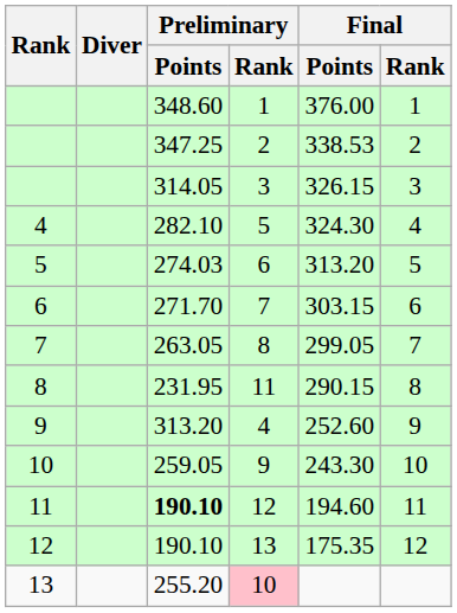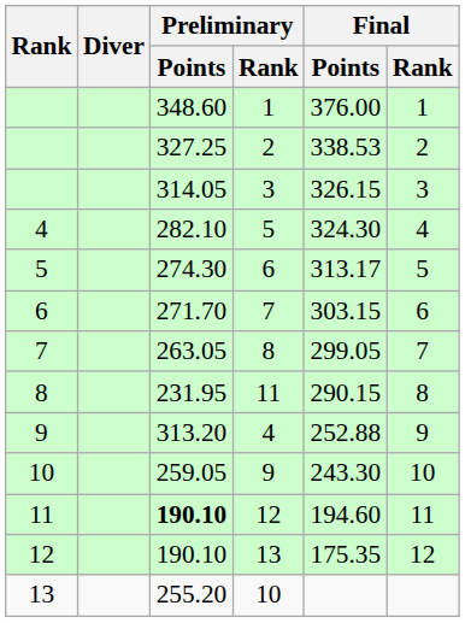 <table class="wikitable" style="text-align:center">
 <tr>
 <th rowspan="2">Rank</th>
 <th rowspan="2">Diver</th>
 <th colspan="2">Preliminary</th>
 <th colspan="2">Final</th>
 </tr>
 <tr>
 <th>Points</th>
 <th>Rank</th>
 <th>Points</th>
 <th>Rank</th>
 </tr>
 <tr bgcolor=ccffcc>
 <td></td>
 <td align=left></td>
 <td>348.60</td>
 <td>1</td>
 <td>376.00</td>
 <td>1</td>
 </tr>
 <tr bgcolor=ccffcc>
 <td></td>
 <td align=left></td>
-<td>347.25</td>
+<td>327.25</td>
 <td>2</td>
 <td>338.53</td>
 <td>2</td>
 </tr>
 <tr bgcolor=ccffcc>
 <td></td>
 <td align=left></td>
 <td>314.05</td>
 <td>3</td>
 <td>326.15</td>
 <td>3</td>
 </tr>
 <tr bgcolor=ccffcc>
 <td>4</td>
 <td align=left></td>
 <td>282.10</td>
 <td>5</td>
 <td>324.30</td>
 <td>4</td>
 </tr>
 <tr bgcolor=ccffcc>
 <td>5</td>
 <td align=left></td>
-<td>274.03</td>
+<td>274.30</td>
 <td>6</td>
-<td>313.20</td>
+<td>313.17</td>
 <td>5</td>
 </tr>
 <tr bgcolor=ccffcc>
 <td>6</td>
 <td align=left></td>
 <td>271.70</td>
 <td>7</td>
 <td>303.15</td>
 <td>6</td>
 </tr>
 <tr bgcolor=ccffcc>
 <td>7</td>
 <td align=left></td>
 <td>263.05</td>
 <td>8</td>
 <td>299.05</td>
 <td>7</td>
 </tr>
 <tr bgcolor=ccffcc>
 <td>8</td>
 <td align=left></td>
 <td>231.95</td>
 <td>11</td>
 <td>290.15</td>
 <td>8</td>
 </tr>
 <tr bgcolor=ccffcc>
 <td>9</td>
 <td align=left></td>
 <td>313.20</td>
 <td>4</td>
-<td>252.60</td>
+<td>252.88</td>
 <td>9</td>
 </tr>
 <tr bgcolor=ccffcc>
 <td>10</td>
 <td align=left></td>
 <td>259.05</td>
 <td>9</td>
 <td>243.30</td>
 <td>10</td>
 </tr>
 <tr bgcolor=ccffcc>
 <td>11</td>
 <td align=left></td>
 <td><strong>190.10</strong></td>
 <td>12</td>
 <td>194.60</td>
 <td>11</td>
 </tr>
 <tr bgcolor=ccffcc>
 <td>12</td>
 <td align=left></td>
 <td>190.10</td>
 <td>13</td>
 <td>175.35</td>
 <td>12</td>
 </tr>
 <tr>
 <td>13</td>
 <td align=left></td>
 <td>255.20</td>
-<td style="background: pink;">10</td>
+<td>10</td>
 <td></td>
 <td></td>
 </tr>
 </table>
